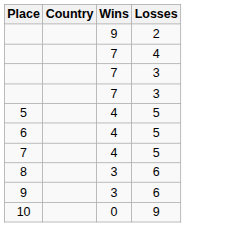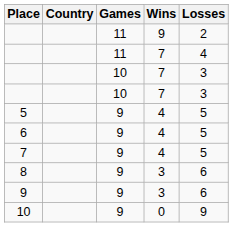 <table class="wikitable" style="text-align:center;">
 <tr>
 <th>Place</th>
 <th>Country</th>
+<th>Games</th>
 <th>Wins</th>
 <th>Losses</th>
 </tr>
 <tr>
 <td></td>
 <td align=left></td>
+<td>11</td>
 <td>9</td>
 <td>2</td>
 </tr>
 <tr>
 <td></td>
 <td align=left></td>
+<td>11</td>
 <td>7</td>
 <td>4</td>
 </tr>
 <tr>
 <td></td>
 <td align=left></td>
+<td>10</td>
 <td>7</td>
 <td>3</td>
 </tr>
 <tr>
 <td></td>
 <td align=left></td>
+<td>10</td>
 <td>7</td>
 <td>3</td>
 </tr>
 <tr>
 <td>5</td>
 <td align=left></td>
+<td>9</td>
 <td>4</td>
 <td>5</td>
 </tr>
 <tr>
 <td>6</td>
 <td align=left></td>
+<td>9</td>
 <td>4</td>
 <td>5</td>
 </tr>
 <tr>
 <td>7</td>
 <td align=left></td>
+<td>9</td>
 <td>4</td>
 <td>5</td>
 </tr>
 <tr>
 <td>8</td>
 <td align=left></td>
+<td>9</td>
 <td>3</td>
 <td>6</td>
 </tr>
 <tr>
 <td>9</td>
 <td align=left></td>
+<td>9</td>
 <td>3</td>
 <td>6</td>
 </tr>
 <tr>
 <td>10</td>
 <td align=left></td>
+<td>9</td>
 <td>0</td>
 <td>9</td>
 </tr>
 </table>
